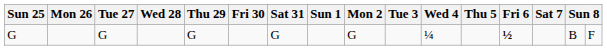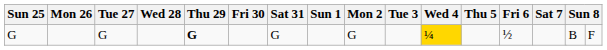 <table class="wikitable olympic-schedule water-polo">
 <tr>
 <th>Sun 25</th>
 <th>Mon 26</th>
 <th>Tue 27</th>
 <th>Wed 28</th>
 <th>Thu 29</th>
 <th>Fri 30</th>
 <th>Sat 31</th>
 <th>Sun 1</th>
 <th>Mon 2</th>
 <th>Tue 3</th>
 <th>Wed 4</th>
 <th>Thu 5</th>
 <th>Fri 6</th>
 <th colspan="2">Sat 7</th>
 <th colspan="2">Sun 8</th>
 </tr>
 <tr>
 <td class="team-group">G</td>
 <td></td>
 <td class="team-group">G</td>
 <td></td>
-<td class="team-group">G</td>
+<td class="team-group"><strong>G</strong></td>
 <td></td>
 <td class="team-group">G</td>
 <td></td>
 <td class="team-group">G</td>
 <td></td>
-<td class="team-qf">¼</td>
+<td class="team-qf" style="background: gold;">¼</td>
 <td></td>
-<td class="team-sf"><strong>½</strong></td>
+<td class="team-sf">½</td>
 <td colspan="2"></td>
 <td class="team-bronze">B</td>
 <td class="team-final">F</td>
 </tr>
 </table>
